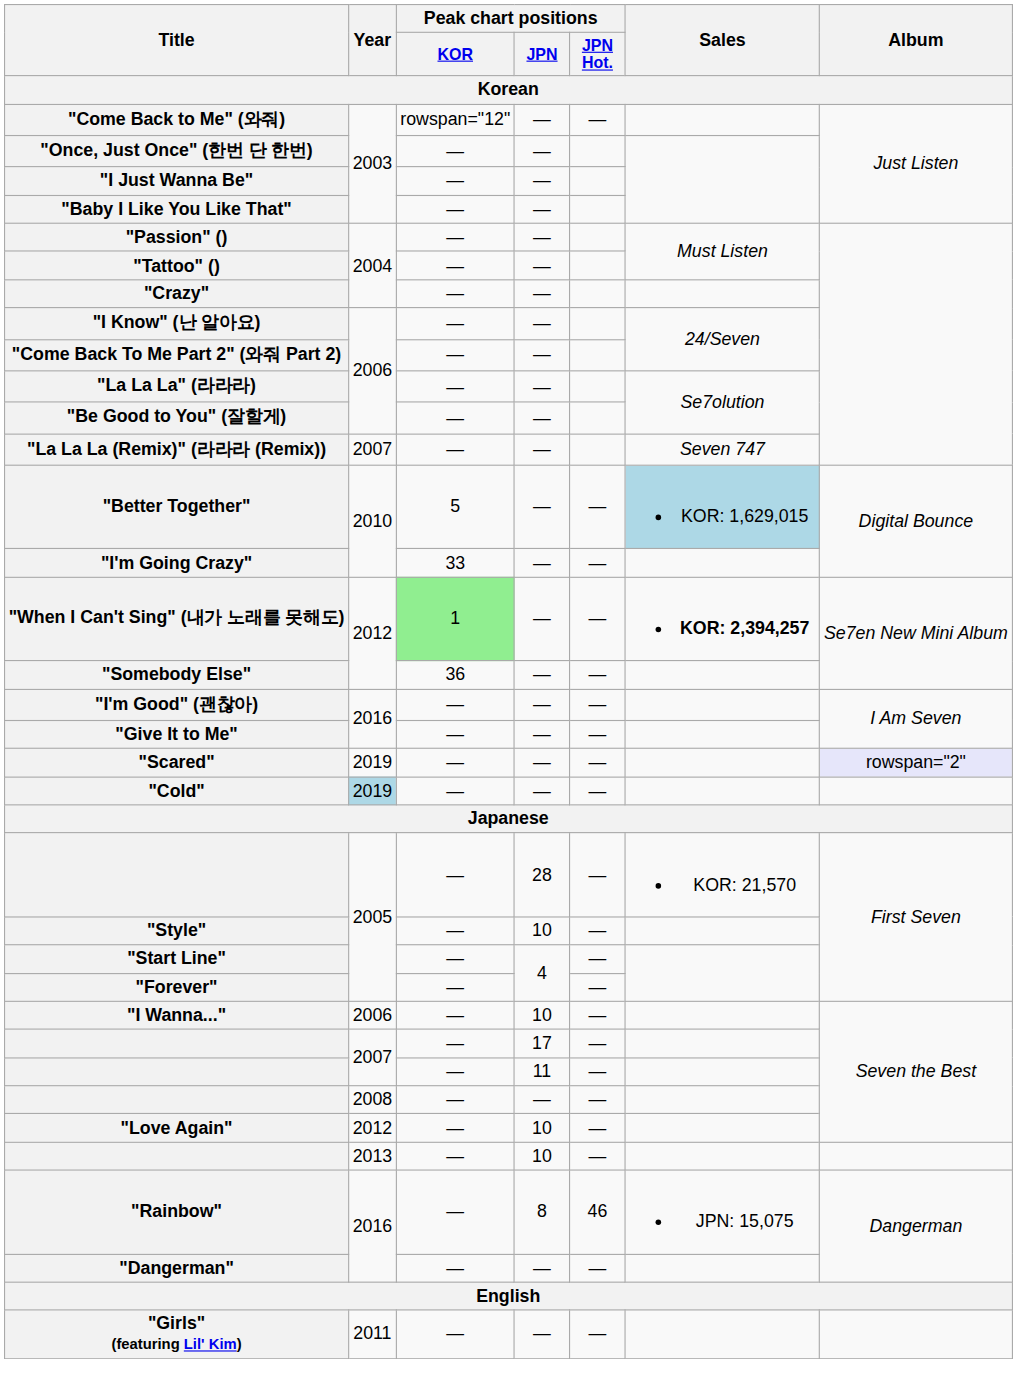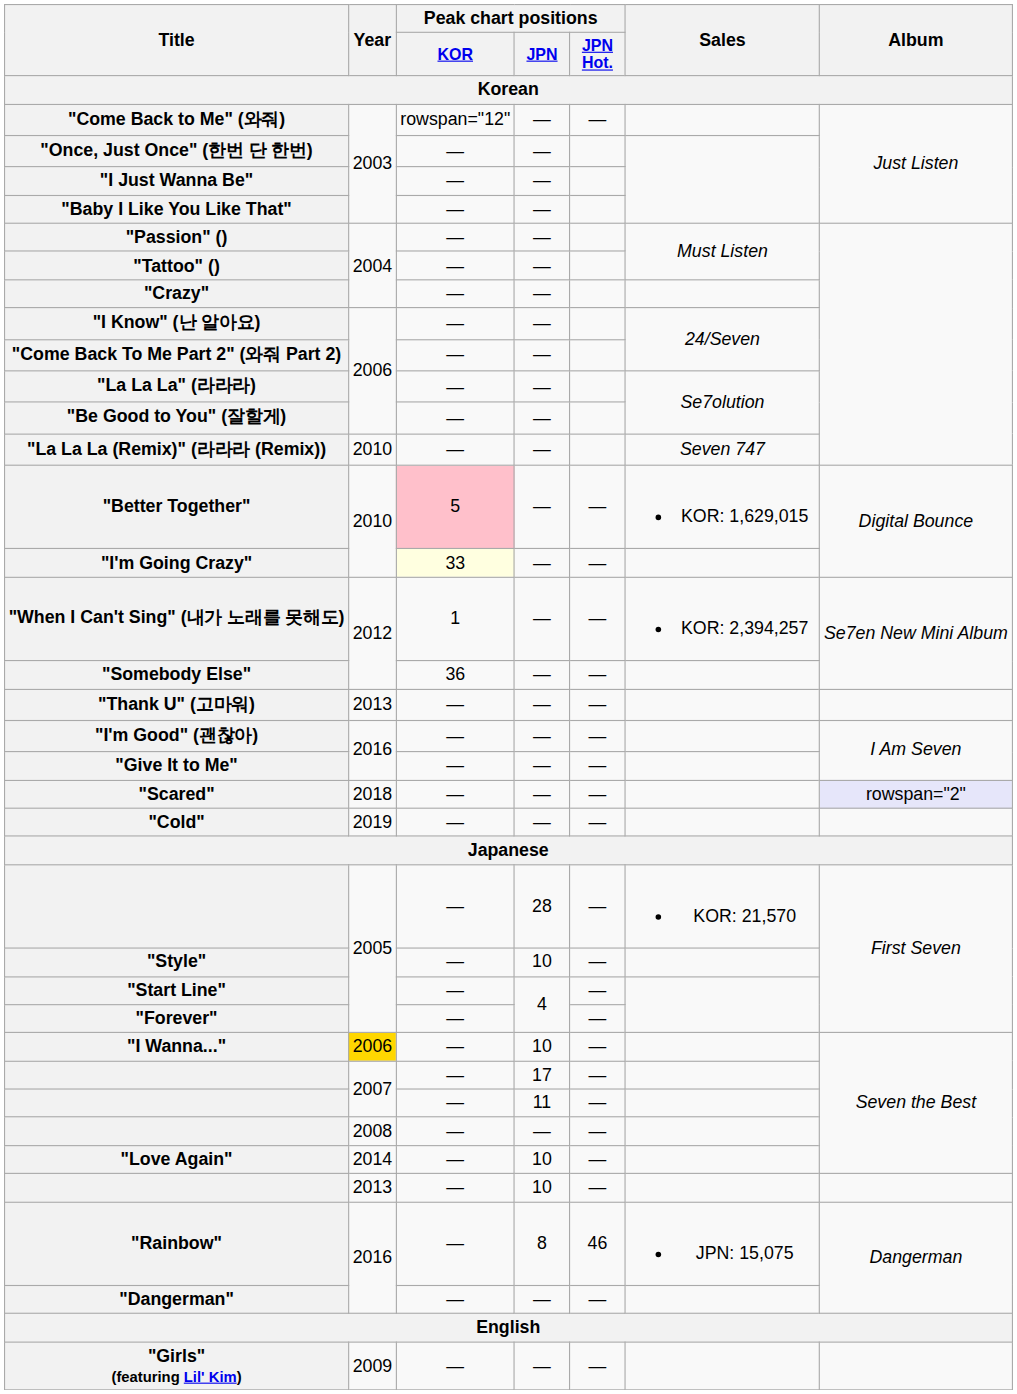 <table class="wikitable plainrowheaders" style="text-align:center;" border="1">
 <tr>
 <th scope="col" rowspan="2">Title</th>
 <th scope="col" rowspan="2">Year</th>
 <th scope="col" colspan="3">Peak chart positions</th>
 <th scope="col" rowspan="2" style="width:10.5em;">Sales</th>
 <th scope="col" rowspan="2">Album</th>
 </tr>
 <tr>
 <th scope="col" style="width:3em;font-size:90%;"><a href='#'>KOR</a><br></th>
 <th scope="col" style="width:3em;font-size:90%;"><a href='#'>JPN</a><br></th>
 <th scope="col" style="width:3em;font-size:90%;"><a href='#'>JPN Hot.</a><br></th>
 </tr>
 <tr>
 <th scope="col" colspan="7">Korean</th>
 </tr>
 <tr>
 <th scope="row">"Come Back to Me" (와줘)</th>
 <td rowspan="4">2003</td>
 <td>rowspan="12" </td>
 <td>—</td>
 <td>—</td>
 <td></td>
 <td rowspan="4"><em>Just Listen</em></td>
 </tr>
 <tr>
 <th scope="row">"Once, Just Once" (한번 단 한번)</th>
 <td>—</td>
 <td>—</td>
 <td></td>
 </tr>
 <tr>
 <th scope="row">"I Just Wanna Be"</th>
 <td>—</td>
 <td>—</td>
 <td></td>
 </tr>
 <tr>
 <th scope="row">"Baby I Like You Like That"</th>
 <td>—</td>
 <td>—</td>
 <td></td>
 </tr>
 <tr>
 <th scope="row">"Passion" ()</th>
 <td rowspan="3">2004</td>
 <td>—</td>
 <td>—</td>
 <td></td>
 <td rowspan="2"><em>Must Listen</em></td>
 </tr>
 <tr>
 <th scope="row">"Tattoo" ()</th>
 <td>—</td>
 <td>—</td>
 <td></td>
 </tr>
 <tr>
 <th scope="row">"Crazy"</th>
 <td>—</td>
 <td>—</td>
 <td></td>
 <td></td>
 </tr>
 <tr>
 <th scope="row">"I Know" (난 알아요)</th>
 <td rowspan="4">2006</td>
 <td>—</td>
 <td>—</td>
 <td></td>
 <td rowspan="2"><em>24/Seven</em></td>
 </tr>
 <tr>
 <th scope="row">"Come Back To Me Part 2" (와줘 Part 2)</th>
 <td>—</td>
 <td>—</td>
 <td></td>
 </tr>
 <tr>
 <th scope="row">"La La La" (라라라)</th>
 <td>—</td>
 <td>—</td>
 <td></td>
 <td rowspan="2"><em>Se7olution</em></td>
 </tr>
 <tr>
 <th scope="row">"Be Good to You" (잘할게)</th>
 <td>—</td>
 <td>—</td>
 <td></td>
 </tr>
 <tr>
 <th scope="row">"La La La (Remix)" (라라라 (Remix))</th>
-<td>2007</td>
+<td>2010</td>
 <td>—</td>
 <td>—</td>
 <td></td>
 <td><em>Seven 747</em></td>
 </tr>
 <tr>
 <th scope="row">"Better Together"</th>
 <td rowspan="2">2010</td>
-<td>5</td>
+<td style="background: pink;">5</td>
 <td>—</td>
 <td>—</td>
-<td style="background: lightblue;"><br><ul><li>KOR: 1,629,015</li></ul></td>
+<td><br><ul><li>KOR: 1,629,015</li></ul></td>
 <td rowspan="2"><em>Digital Bounce</em></td>
 </tr>
 <tr>
 <th scope="row">"I'm Going Crazy"</th>
-<td>33</td>
+<td style="background: lightyellow;">33</td>
 <td>—</td>
 <td>—</td>
 <td></td>
 </tr>
 <tr>
 <th scope="row">"When I Can't Sing" (내가 노래를 못해도)</th>
 <td rowspan="2">2012</td>
-<td style="background: lightgreen;">1</td>
+<td>1</td>
 <td>—</td>
 <td>—</td>
-<td><strong><br><ul><li>KOR: 2,394,257</li></ul></strong></td>
+<td><br><ul><li>KOR: 2,394,257</li></ul></td>
 <td rowspan="2"><em>Se7en New Mini Album</em></td>
 </tr>
 <tr>
 <th scope="row">"Somebody Else"</th>
 <td>36</td>
 <td>—</td>
 <td>—</td>
+<td></td>
+</tr>
+<tr>
+<th scope="row">"Thank U" (고마워)</th>
+<td>2013</td>
+<td>—</td>
+<td>—</td>
+<td>—</td>
+<td></td>
 <td></td>
 </tr>
 <tr>
 <th scope="row">"I'm Good" (괜찮아)</th>
 <td rowspan="2">2016</td>
 <td>—</td>
 <td>—</td>
 <td>—</td>
 <td></td>
 <td rowspan="2"><em>I Am Seven</em></td>
 </tr>
 <tr>
 <th scope="row">"Give It to Me"</th>
 <td>—</td>
 <td>—</td>
 <td>—</td>
 <td></td>
 </tr>
 <tr>
 <th scope="row">"Scared"</th>
-<td>2019</td>
+<td>2018</td>
 <td>—</td>
 <td>—</td>
 <td>—</td>
 <td></td>
 <td style="background: lavender;">rowspan="2" </td>
 </tr>
 <tr>
 <th scope="row">"Cold"</th>
-<td style="background: lightblue;">2019</td>
+<td>2019</td>
 <td>—</td>
 <td>—</td>
 <td>—</td>
 <td></td>
 </tr>
 <tr>
 <th scope="col" colspan="7">Japanese</th>
 </tr>
 <tr>
 <th scope="row"></th>
 <td rowspan="4">2005</td>
 <td>—</td>
 <td>28</td>
 <td>—</td>
 <td><br><ul><li>KOR: 21,570</li></ul></td>
 <td rowspan="4"><em>First Seven</em></td>
 </tr>
 <tr>
 <th scope="row">"Style"</th>
 <td>—</td>
 <td>10</td>
 <td>—</td>
 <td></td>
 </tr>
 <tr>
 <th scope="row">"Start Line"</th>
 <td>—</td>
 <td rowspan="2">4</td>
 <td>—</td>
 <td rowspan="2"></td>
 </tr>
 <tr>
 <th scope="row">"Forever"</th>
 <td>—</td>
 <td>—</td>
 </tr>
 <tr>
 <th scope="row">"I Wanna..."</th>
-<td>2006</td>
+<td style="background: gold;">2006</td>
 <td>—</td>
 <td>10</td>
 <td>—</td>
 <td></td>
 <td rowspan="5"><em>Seven the Best</em></td>
 </tr>
 <tr>
 <th scope="row"></th>
 <td rowspan="2">2007</td>
 <td>—</td>
 <td>17</td>
 <td>—</td>
 <td></td>
 </tr>
 <tr>
 <th scope="row"></th>
 <td>—</td>
 <td>11</td>
 <td>—</td>
 <td></td>
 </tr>
 <tr>
 <th scope="row"></th>
 <td>2008</td>
 <td>—</td>
 <td>—</td>
 <td>—</td>
 <td></td>
 </tr>
 <tr>
 <th scope="row">"Love Again"</th>
-<td>2012</td>
+<td>2014</td>
 <td>—</td>
 <td>10</td>
 <td>—</td>
 <td></td>
 </tr>
 <tr>
 <th scope="row"></th>
 <td>2013</td>
 <td>—</td>
 <td>10</td>
 <td>—</td>
 <td></td>
 <td></td>
 </tr>
 <tr>
 <th scope="row">"Rainbow"</th>
 <td rowspan="2">2016</td>
 <td>—</td>
 <td>8</td>
 <td>46</td>
 <td><br><ul><li>JPN: 15,075</li></ul></td>
 <td rowspan="2"><em>Dangerman</em></td>
 </tr>
 <tr>
 <th scope="row">"Dangerman"</th>
 <td>—</td>
 <td>—</td>
 <td>—</td>
 <td></td>
 </tr>
 <tr>
 <th scope="col" colspan="7">English</th>
 </tr>
 <tr>
 <th scope="row">"Girls"<br><small>(featuring <a href='#'>Lil' Kim</a>)</small></th>
-<td>2011</td>
+<td>2009</td>
 <td>—</td>
 <td>—</td>
 <td>—</td>
 <td></td>
 <td></td>
 </tr>
 </table>
